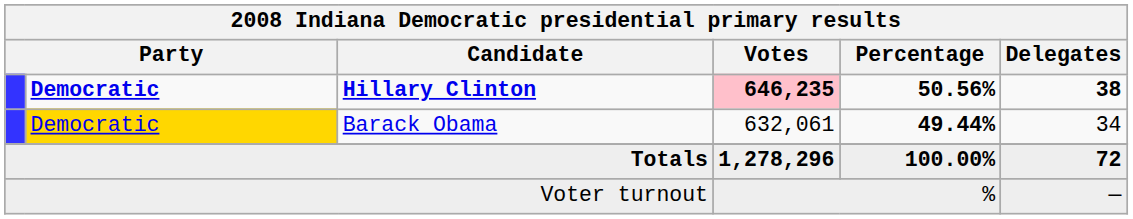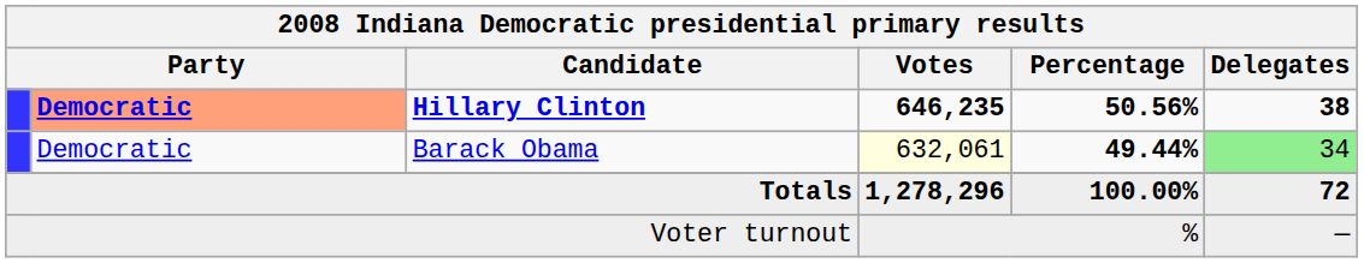 <table class="wikitable" style="font-size:95%;">
 <tr>
 <th colspan="7">2008 Indiana Democratic presidential primary results</th>
 </tr>
 <tr>
 <th colspan="2" style="width: 15em">Party</th>
 <th style="width: 17em">Candidate</th>
 <th style="width: 5em">Votes</th>
 <th style="width: 7em">Percentage</th>
 <th style="width: 5em">Delegates</th>
 </tr>
 <tr>
 <th style="background-color:#3333FF; width: 3px"></th>
-<td style="width: 130px"><strong><a href='#'>Democratic</a></strong></td>
+<td style="background: lightsalmon; width: 130px"><strong><a href='#'>Democratic</a></strong></td>
 <td><strong><a href='#'>Hillary Clinton</a></strong></td>
-<td align="right" style="background: pink;"><strong>646,235</strong></td>
+<td align="right"><strong>646,235</strong></td>
 <td align="right"><strong>50.56%</strong></td>
 <td align="right"><strong>38</strong></td>
 </tr>
 <tr>
 <th style="background-color:#3333FF; width: 3px"></th>
-<td style="background: gold; width: 130px"><a href='#'>Democratic</a></td>
+<td style="width: 130px"><a href='#'>Democratic</a></td>
 <td><a href='#'>Barack Obama</a></td>
-<td align="right">632,061</td>
+<td align="right" style="background: lightyellow;">632,061</td>
 <td align="right"><strong>49.44%</strong></td>
-<td align="right">34</td>
+<td align="right" style="background: lightgreen;">34</td>
 </tr>
 <tr>
 </tr>
 <tr bgcolor="#EEEEEE">
 <td colspan="3" align="right"><strong>Totals</strong></td>
 <td align="right"><strong>1,278,296</strong></td>
 <td align="right"><strong>100.00%</strong></td>
 <td align="right"><strong>72</strong></td>
 </tr>
 <tr bgcolor="#EEEEEE">
 <td colspan="3" align="right">Voter turnout</td>
 <td colspan="2" align="right">%</td>
 <td align="right">—</td>
 </tr>
 </table>
